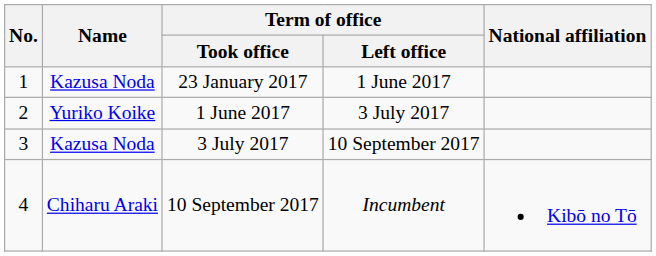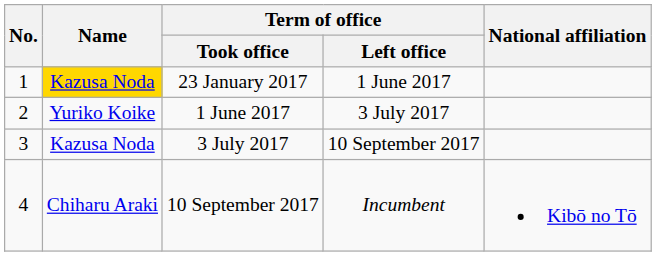 <table class="wikitable"  style="text-align:center">
 <tr>
 <th rowspan=2>No.</th>
 <th rowspan=2>Name</th>
 <th colspan=2>Term of office</th>
 <th rowspan=2>National affiliation</th>
 </tr>
 <tr>
 <th>Took office</th>
 <th>Left office</th>
 </tr>
 <tr>
 <td>1</td>
-<td><a href='#'>Kazusa Noda</a></td>
+<td style="background: gold;"><a href='#'>Kazusa Noda</a></td>
 <td>23 January 2017</td>
 <td>1 June 2017</td>
 <td></td>
 </tr>
 <tr>
 <td>2</td>
 <td><a href='#'>Yuriko Koike</a></td>
 <td>1 June 2017</td>
 <td>3 July 2017</td>
 <td></td>
 </tr>
 <tr>
 <td>3</td>
 <td><a href='#'>Kazusa Noda</a></td>
 <td>3 July 2017</td>
 <td>10 September 2017</td>
 <td></td>
 </tr>
 <tr>
 <td>4</td>
 <td><a href='#'>Chiharu Araki</a></td>
 <td>10 September 2017</td>
 <td><em>Incumbent</em></td>
 <td><br><ul><li><a href='#'>Kibō no Tō</a> </li></ul></td>
 </tr>
 </table>
